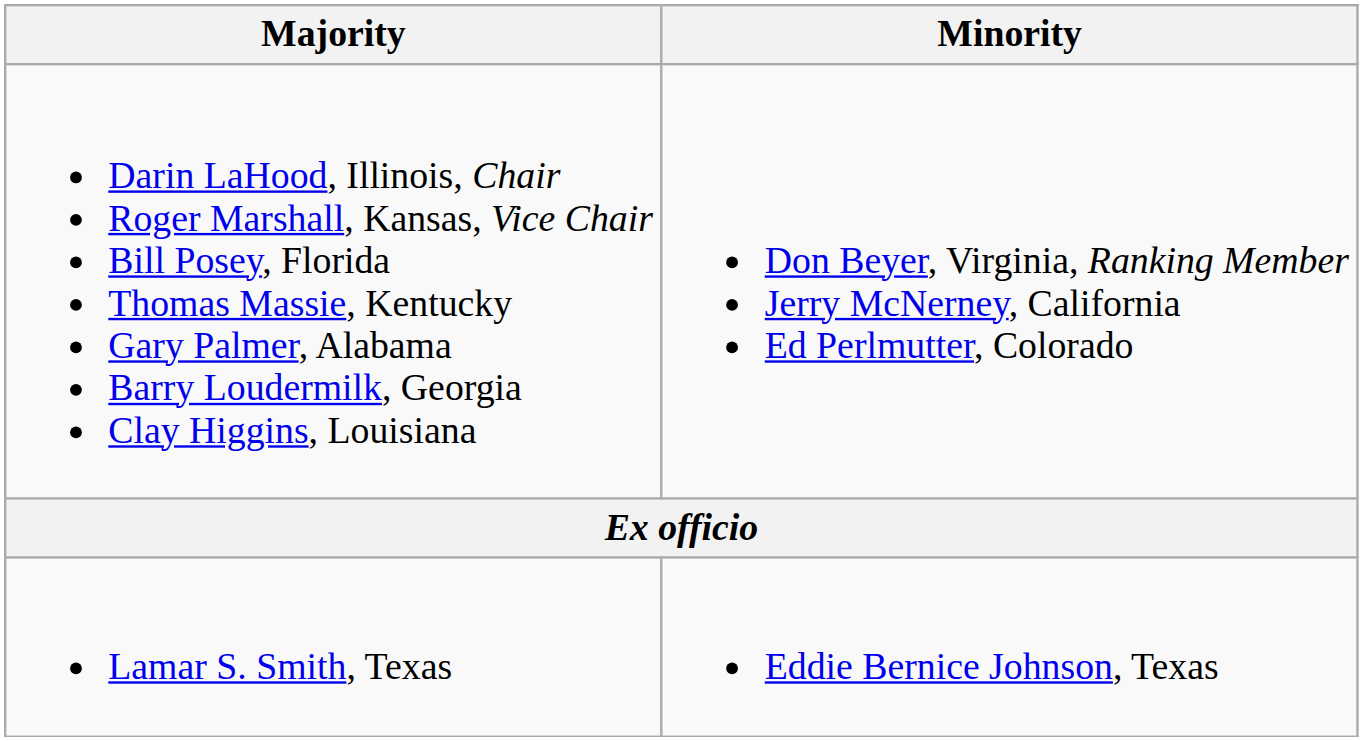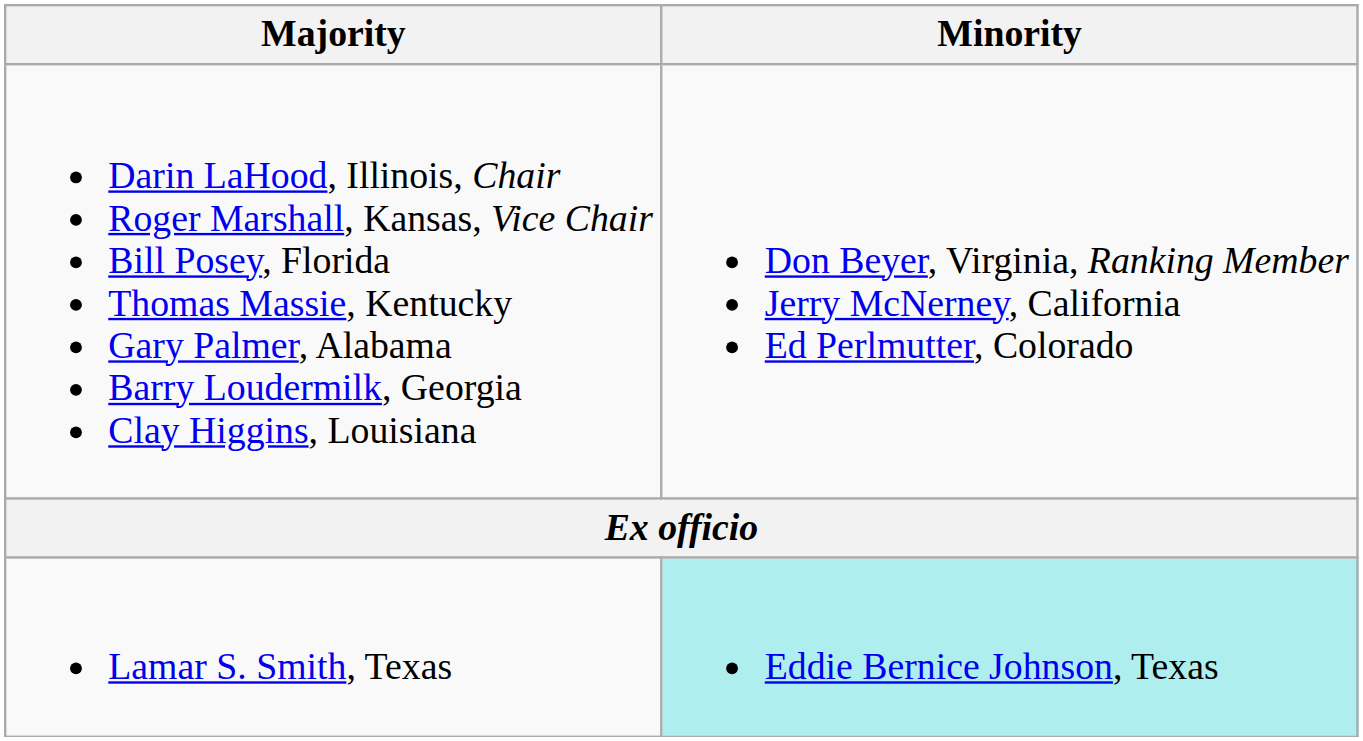 <table class=wikitable>
 <tr>
 <th>Majority</th>
 <th>Minority</th>
 </tr>
 <tr>
 <td><br><ul><li><a href='#'>Darin LaHood</a>, Illinois, <em>Chair</em></li><li><a href='#'>Roger Marshall</a>, Kansas, <em>Vice Chair</em></li><li><a href='#'>Bill Posey</a>, Florida</li><li><a href='#'>Thomas Massie</a>, Kentucky</li><li><a href='#'>Gary Palmer</a>, Alabama</li><li><a href='#'>Barry Loudermilk</a>, Georgia</li><li><a href='#'>Clay Higgins</a>, Louisiana</li></ul></td>
 <td><br><ul><li><a href='#'>Don Beyer</a>, Virginia, <em>Ranking Member</em></li><li><a href='#'>Jerry McNerney</a>, California</li><li><a href='#'>Ed Perlmutter</a>, Colorado</li></ul></td>
 </tr>
 <tr>
 <th colspan=2><em>Ex officio</em></th>
 </tr>
 <tr>
 <td><br><ul><li><a href='#'>Lamar S. Smith</a>, Texas</li></ul></td>
-<td><br><ul><li><a href='#'>Eddie Bernice Johnson</a>, Texas</li></ul></td>
+<td style="background: paleturquoise;"><br><ul><li><a href='#'>Eddie Bernice Johnson</a>, Texas</li></ul></td>
 </tr>
 </table>
